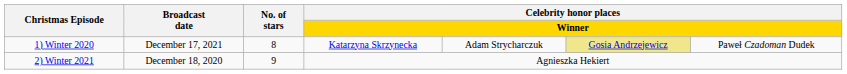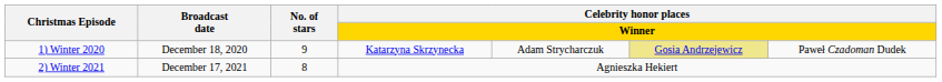 <table class="wikitable" style="white-space:nowrap; font-size:85%;">
 <tr>
 <th style="width:10%;" rowspan="2">Christmas Episode</th>
 <th style="width:10%;" rowspan="2">Broadcast<br>date</th>
 <th style="width:5%;" rowspan="2">No. of<br>stars</th>
 <th style="width:45%;" colspan="4">Celebrity honor places</th>
 </tr>
 <tr>
 <th colspan="4" style="text-align:center;background:gold;">Winner</th>
 </tr>
 <tr>
 <td style="text-align:center;"><a href='#'>1) Winter 2020</a></td>
-<td style="text-align:center;">December 17, 2021</td>
-<td style="text-align:center;">8</td>
+<td style="text-align:center;">December 18, 2020</td>
+<td style="text-align:center;">9</td>
 <td style="text-align:center;"><a href='#'>Katarzyna Skrzynecka</a></td>
 <td style="text-align:center;">Adam Strycharczuk</td>
 <td style="background: khaki; text-align:center;"><a href='#'>Gosia Andrzejewicz</a></td>
 <td style="text-align:center;">Paweł <em>Czadoman</em> Dudek</td>
 </tr>
 <tr>
 <td style="text-align:center;"><a href='#'>2) Winter 2021</a></td>
-<td style="text-align:center;">December 18, 2020</td>
-<td style="text-align:center;">9</td>
+<td style="text-align:center;">December 17, 2021</td>
+<td style="text-align:center;">8</td>
 <td colspan="4" style="text-align:center;background:">Agnieszka Hekiert</td>
 </tr>
 </table>
